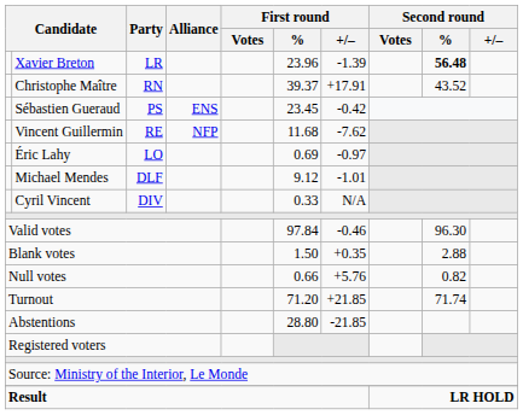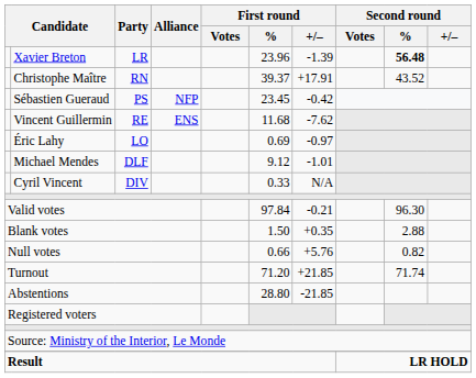 <table class="wikitable" style="text-align:right;font-size:95%;">
 <tr>
 <th rowspan="2" colspan="2">Candidate</th>
 <th rowspan="2">Party</th>
 <th rowspan="2">Alliance</th>
 <th colspan="3">First round</th>
 <th colspan="3">Second round</th>
 </tr>
 <tr>
 <th style="width:50px;">Votes</th>
 <th style="width:45px;">%</th>
 <th style="width:45px;">+/–</th>
 <th style="width:50px;">Votes</th>
 <th style="width:45px;">%</th>
 <th style="width:45px;">+/–</th>
 </tr>
 <tr>
 <td style="color:inherit;background:"></td>
 <td style="text-align:left;"><a href='#'>Xavier Breton</a></td>
 <td><a href='#'>LR</a></td>
 <td></td>
 <td></td>
 <td>23.96</td>
 <td>-1.39</td>
 <td><strong></strong></td>
 <td><strong>56.48</strong></td>
 <td></td>
 </tr>
 <tr>
 <td style="color:inherit;background:"></td>
 <td style="text-align:left;">Christophe Maître</td>
 <td><a href='#'>RN</a></td>
 <td></td>
 <td></td>
 <td>39.37</td>
 <td>+17.91</td>
 <td></td>
 <td>43.52</td>
 <td></td>
 </tr>
 <tr>
 <td style="color:inherit;background:"></td>
 <td style="text-align:left;">Sébastien Gueraud</td>
 <td><a href='#'>PS</a></td>
-<td><a href='#'>ENS</a></td>
+<td><a href='#'>NFP</a></td>
 <td></td>
 <td>23.45</td>
 <td>-0.42</td>
 <td colspan="3" style="background:#F8F9FA;"></td>
 </tr>
 <tr>
 <td style="color:inherit;background:"></td>
 <td style="text-align:left;">Vincent Guillermin</td>
 <td><a href='#'>RE</a></td>
-<td><a href='#'>NFP</a></td>
+<td><a href='#'>ENS</a></td>
 <td></td>
 <td>11.68</td>
 <td>-7.62</td>
 <td colspan="3" style="background:#E9E9E9;"></td>
 </tr>
 <tr>
 <td style="color:inherit;background:"></td>
 <td style="text-align:left;">Éric Lahy</td>
 <td><a href='#'>LO</a></td>
 <td></td>
 <td></td>
 <td>0.69</td>
 <td>-0.97</td>
 <td colspan="3" style="background:#E9E9E9;"></td>
 </tr>
 <tr>
 <td style="color:inherit;background:"></td>
 <td style="text-align:left;">Michael Mendes</td>
 <td><a href='#'>DLF</a></td>
 <td></td>
 <td></td>
 <td>9.12</td>
 <td>-1.01</td>
 <td colspan="3" style="background:#E9E9E9;"></td>
 </tr>
 <tr>
 <td style="color:inherit;background:"></td>
 <td style="text-align:left;">Cyril Vincent</td>
 <td><a href='#'>DIV</a></td>
 <td></td>
 <td></td>
 <td>0.33</td>
 <td>N/A</td>
 <td colspan="3" style="background:#E9E9E9;"></td>
 </tr>
 <tr>
 <td colspan="10" style="background:#E9E9E9;"></td>
 </tr>
 <tr>
 <td colspan="4" style="text-align:left;">Valid votes</td>
 <td></td>
 <td>97.84</td>
-<td>-0.46</td>
+<td>-0.21</td>
 <td></td>
 <td>96.30</td>
 <td></td>
 </tr>
 <tr>
 <td colspan="4" style="text-align:left;">Blank votes</td>
 <td></td>
 <td>1.50</td>
 <td>+0.35</td>
 <td></td>
 <td>2.88</td>
 <td></td>
 </tr>
 <tr>
 <td colspan="4" style="text-align:left;">Null votes</td>
 <td></td>
 <td>0.66</td>
 <td>+5.76</td>
 <td></td>
 <td>0.82</td>
 <td></td>
 </tr>
 <tr>
 <td colspan="4" style="text-align:left;">Turnout</td>
 <td></td>
 <td>71.20</td>
 <td>+21.85</td>
 <td></td>
 <td>71.74</td>
 <td></td>
 </tr>
 <tr>
 <td colspan="4" style="text-align:left;">Abstentions</td>
 <td></td>
 <td>28.80</td>
 <td>-21.85</td>
 <td></td>
 <td></td>
 <td></td>
 </tr>
 <tr>
 <td colspan="4" style="text-align:left;">Registered voters</td>
 <td></td>
 <td colspan="2" style="background:#E9E9E9;"></td>
 <td></td>
 <td colspan="2" style="background:#E9E9E9;"></td>
 </tr>
 <tr>
 <td colspan="10" style="background:#E9E9E9;"></td>
 </tr>
 <tr>
 <td colspan="10" style="text-align:left;">Source: <a href='#'>Ministry of the Interior</a>, <a href='#'>Le Monde</a></td>
 </tr>
 <tr>
 </tr>
 <tr style="font-weight:bold">
 <td colspan="7" style="text-align:left;">Result</td>
 <td colspan="7" style="background-color:">LR HOLD</td>
 </tr>
 </table>
